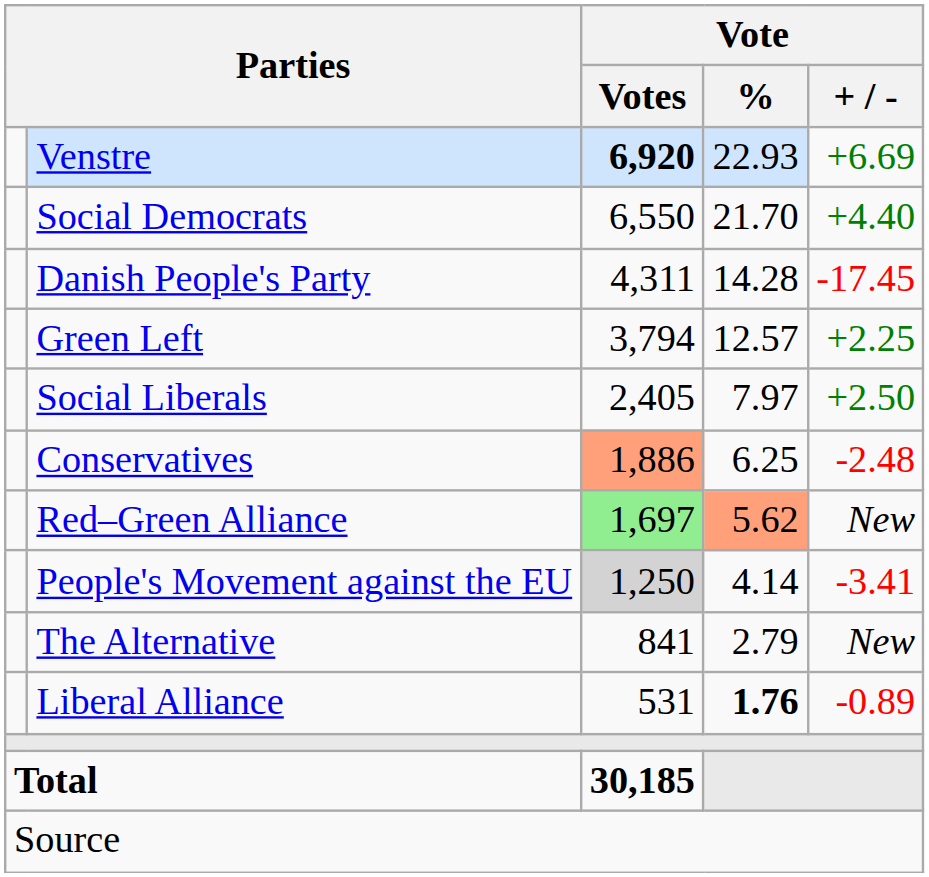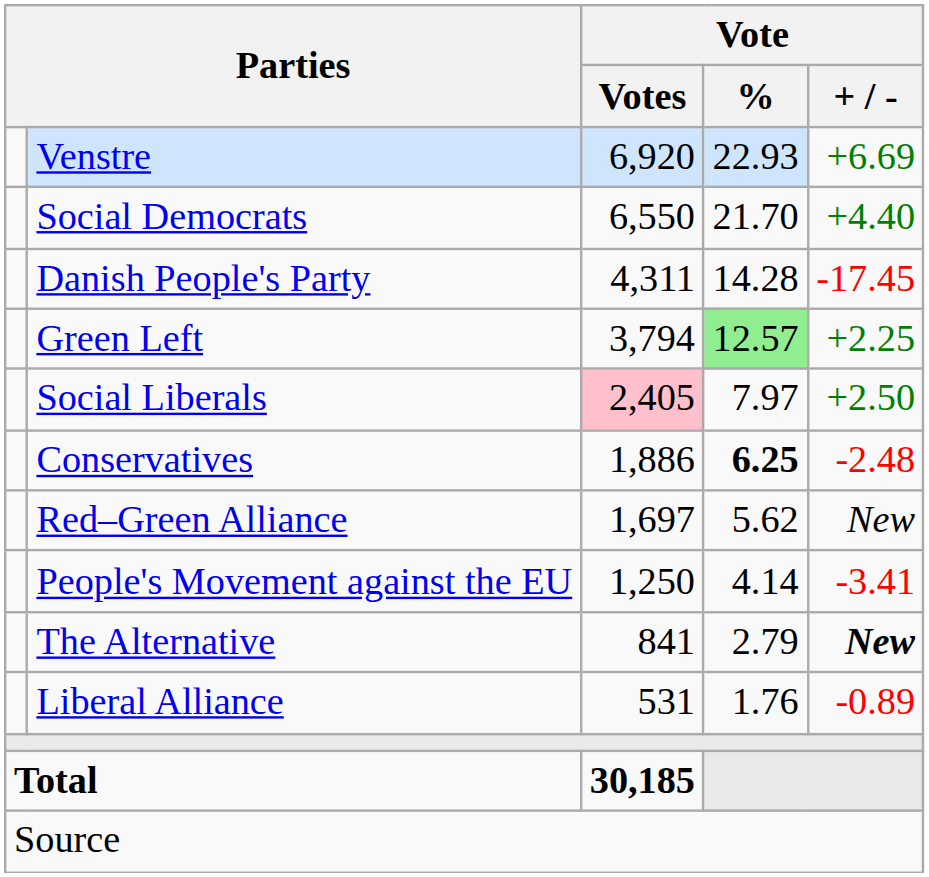 <table class="wikitable" style="text-align:right;">
 <tr>
 <th style="text-align:centre;" rowspan="2" colspan="2" width="225">Parties</th>
 <th colspan="3">Vote</th>
 </tr>
 <tr>
 <th width="15">Votes</th>
 <th width="15">%</th>
 <th width="15">+ / -</th>
 </tr>
 <tr>
 <td width="2" style="color:inherit;background:"></td>
 <td bgcolor=#cfe5fe   align="left"><a href='#'>Venstre</a></td>
-<td bgcolor=#cfe5fe><strong>6,920</strong></td>
+<td bgcolor=#cfe5fe>6,920</td>
 <td bgcolor=#cfe5fe>22.93</td>
 <td style=color:green;>+6.69</td>
 </tr>
 <tr>
 <td width="2" style="color:inherit;background:"></td>
 <td align="left"><a href='#'>Social Democrats</a></td>
 <td>6,550</td>
 <td>21.70</td>
 <td style=color:green;>+4.40</td>
 </tr>
 <tr>
 <td width="2" style="color:inherit;background:"></td>
 <td align="left"><a href='#'>Danish People's Party</a></td>
 <td>4,311</td>
 <td>14.28</td>
 <td style=color:red;>-17.45</td>
 </tr>
 <tr>
 <td width="2" style="color:inherit;background:"></td>
 <td align="left"><a href='#'>Green Left</a></td>
 <td>3,794</td>
-<td>12.57</td>
+<td style="background: lightgreen;">12.57</td>
 <td style=color:green;>+2.25</td>
 </tr>
 <tr>
 <td width="2" style="color:inherit;background:"></td>
 <td align="left"><a href='#'>Social Liberals</a></td>
-<td>2,405</td>
+<td style="background: pink;">2,405</td>
 <td>7.97</td>
 <td style=color:green;>+2.50</td>
 </tr>
 <tr>
 <td width="2" style="color:inherit;background:"></td>
 <td align="left"><a href='#'>Conservatives</a></td>
-<td style="background: lightsalmon;">1,886</td>
-<td>6.25</td>
+<td>1,886</td>
+<td><strong>6.25</strong></td>
 <td style=color:red;>-2.48</td>
 </tr>
 <tr>
 <td width="2" style="color:inherit;background:"></td>
 <td align="left"><a href='#'>Red–Green Alliance</a></td>
-<td style="background: lightgreen;">1,697</td>
-<td style="background: lightsalmon;">5.62</td>
+<td>1,697</td>
+<td>5.62</td>
 <td><em>New</em></td>
 </tr>
 <tr>
 <td width="2" style="color:inherit;background:"></td>
 <td align="left"><a href='#'>People's Movement against the EU</a></td>
-<td style="background: lightgrey;">1,250</td>
+<td>1,250</td>
 <td>4.14</td>
 <td style=color:red;>-3.41</td>
 </tr>
 <tr>
 <td width="2" style="color:inherit;background:"></td>
 <td align="left"><a href='#'>The Alternative</a></td>
 <td>841</td>
 <td>2.79</td>
-<td><em>New</em></td>
+<td><strong><em>New</em></strong></td>
 </tr>
 <tr>
 <td width="2" style="color:inherit;background:"></td>
 <td align="left"><a href='#'>Liberal Alliance</a></td>
 <td>531</td>
-<td><strong>1.76</strong></td>
+<td>1.76</td>
 <td style=color:red;>-0.89</td>
 </tr>
 <tr>
 <td colspan="7" bgcolor="#E9E9E9"></td>
 </tr>
 <tr>
 <td align="left" colspan="2"><strong>Total</strong></td>
 <td><strong>30,185</strong></td>
 <td bgcolor="#E9E9E9" colspan="2"></td>
 </tr>
 <tr>
 <td align="left" colspan="6">Source</td>
 </tr>
 </table>
